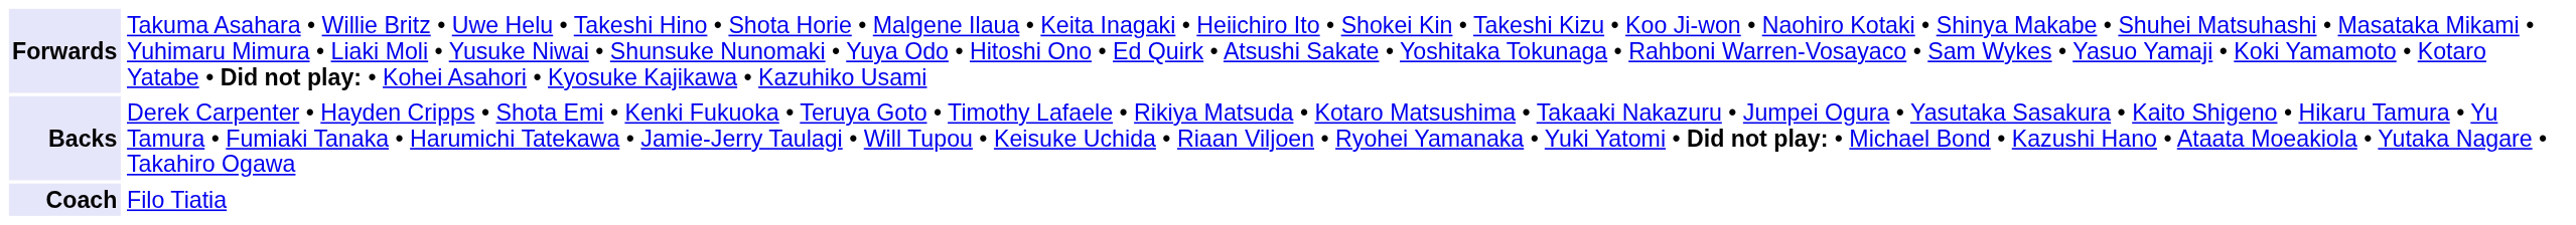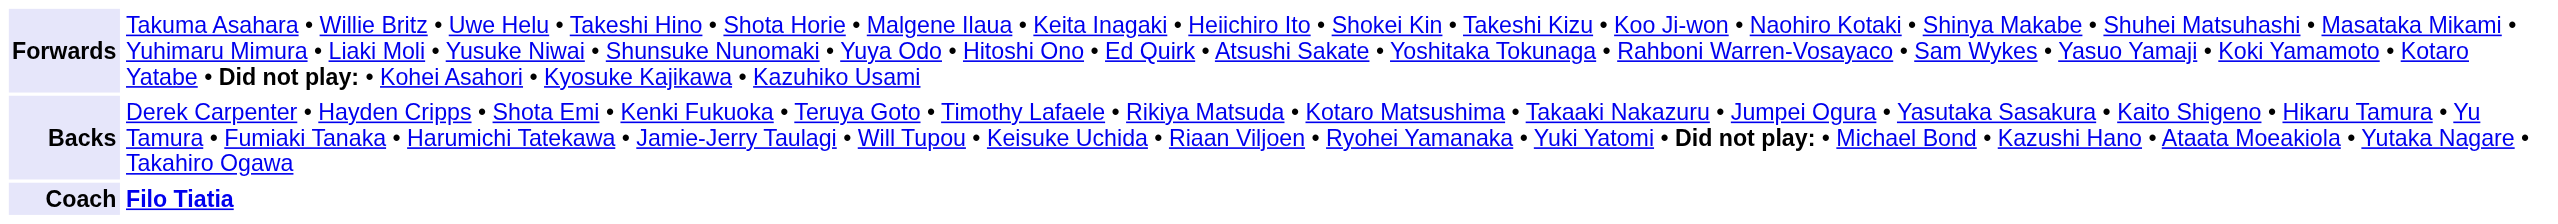 <table cellpadding="2" style="border: 1px solid white; font-size:90%;">
 <tr>
 <td style="text-align:right;" bgcolor="lavender"><strong>Forwards</strong></td>
 <td style="text-align:left;"><a href='#'>Takuma Asahara</a> • <a href='#'>Willie Britz</a> • <a href='#'>Uwe Helu</a> • <a href='#'>Takeshi Hino</a> • <a href='#'>Shota Horie</a> • <a href='#'>Malgene Ilaua</a> • <a href='#'>Keita Inagaki</a> • <a href='#'>Heiichiro Ito</a> • <a href='#'>Shokei Kin</a> • <a href='#'>Takeshi Kizu</a> • <a href='#'>Koo Ji-won</a> • <a href='#'>Naohiro Kotaki</a> • <a href='#'>Shinya Makabe</a> • <a href='#'>Shuhei Matsuhashi</a> • <a href='#'>Masataka Mikami</a> • <a href='#'>Yuhimaru Mimura</a> • <a href='#'>Liaki Moli</a> • <a href='#'>Yusuke Niwai</a> • <a href='#'>Shunsuke Nunomaki</a> • <a href='#'>Yuya Odo</a> • <a href='#'>Hitoshi Ono</a> • <a href='#'>Ed Quirk</a> • <a href='#'>Atsushi Sakate</a> • <a href='#'>Yoshitaka Tokunaga</a> • <a href='#'>Rahboni Warren-Vosayaco</a> • <a href='#'>Sam Wykes</a> • <a href='#'>Yasuo Yamaji</a> • <a href='#'>Koki Yamamoto</a> • <a href='#'>Kotaro Yatabe</a> • <strong>Did not play:</strong> • <a href='#'>Kohei Asahori</a> • <a href='#'>Kyosuke Kajikawa</a> • <a href='#'>Kazuhiko Usami</a></td>
 </tr>
 <tr>
 <td style="text-align:right;" bgcolor="lavender"><strong>Backs</strong></td>
 <td style="text-align:left;"><a href='#'>Derek Carpenter</a> • <a href='#'>Hayden Cripps</a> • <a href='#'>Shota Emi</a> • <a href='#'>Kenki Fukuoka</a> • <a href='#'>Teruya Goto</a> • <a href='#'>Timothy Lafaele</a> • <a href='#'>Rikiya Matsuda</a> • <a href='#'>Kotaro Matsushima</a> • <a href='#'>Takaaki Nakazuru</a> • <a href='#'>Jumpei Ogura</a> • <a href='#'>Yasutaka Sasakura</a> • <a href='#'>Kaito Shigeno</a> • <a href='#'>Hikaru Tamura</a> • <a href='#'>Yu Tamura</a> • <a href='#'>Fumiaki Tanaka</a> • <a href='#'>Harumichi Tatekawa</a> • <a href='#'>Jamie-Jerry Taulagi</a> • <a href='#'>Will Tupou</a> • <a href='#'>Keisuke Uchida</a> • <a href='#'>Riaan Viljoen</a> • <a href='#'>Ryohei Yamanaka</a> • <a href='#'>Yuki Yatomi</a> • <strong>Did not play:</strong> • <a href='#'>Michael Bond</a> • <a href='#'>Kazushi Hano</a> • <a href='#'>Ataata Moeakiola</a> • <a href='#'>Yutaka Nagare</a> • <a href='#'>Takahiro Ogawa</a></td>
 </tr>
 <tr>
 <td style="text-align:right;" bgcolor="lavender"><strong>Coach</strong></td>
-<td style="text-align:left;"><a href='#'>Filo Tiatia</a></td>
+<td style="text-align:left;"><strong><a href='#'>Filo Tiatia</a></strong></td>
 </tr>
 </table>
